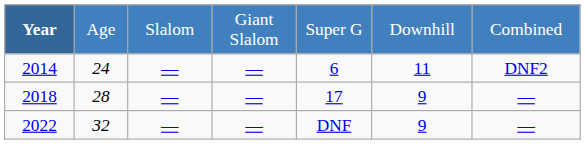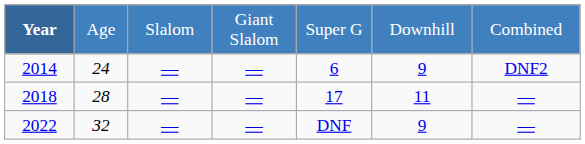 <table class="wikitable" style="font-size:95%; text-align:center; border:grey solid 1px; border-collapse:collapse;" width="40%">
 <tr style="background-color:#369; color:white;">
 <td rowspan="2" colspan="1" width="5%"><strong>Year</strong></td>
 </tr>
 <tr style="background-color:#4180be; color:white;">
 <td width="3%">Age</td>
 <td width="5%">Slalom</td>
 <td width="5%">Giant<br>Slalom</td>
 <td width="5%">Super G</td>
 <td width="5%">Downhill</td>
 <td width="5%">Combined</td>
 </tr>
 <tr style="background-color:#8CB2D8; color:white;">
 </tr>
 <tr>
 <td><a href='#'>2014</a></td>
 <td><em>24</em></td>
 <td><a href='#'>—</a></td>
 <td><a href='#'>—</a></td>
 <td><a href='#'>6</a></td>
-<td><a href='#'>11</a></td>
+<td><a href='#'>9</a></td>
 <td><a href='#'>DNF2</a></td>
 </tr>
 <tr>
 <td><a href='#'>2018</a></td>
 <td><em>28</em></td>
 <td><a href='#'>—</a></td>
 <td><a href='#'>—</a></td>
 <td><a href='#'>17</a></td>
-<td><a href='#'>9</a></td>
+<td><a href='#'>11</a></td>
 <td><a href='#'>—</a></td>
 </tr>
 <tr>
 <td><a href='#'>2022</a></td>
 <td><em>32</em></td>
 <td><a href='#'>—</a></td>
 <td><a href='#'>—</a></td>
 <td><a href='#'>DNF</a></td>
 <td><a href='#'>9</a></td>
 <td><a href='#'>—</a></td>
 </tr>
 </table>
